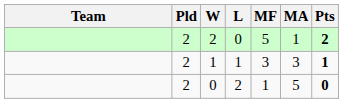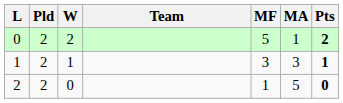 <table class=wikitable style="text-align:center">
 <tr>
-<th width=175>Team</th>
+<th width=20>L</th>
 <th width=20>Pld</th>
 <th width=20>W</th>
-<th width=20>L</th>
+<th width=175>Team</th>
 <th width=20>MF</th>
 <th width=20>MA</th>
 <th width=20>Pts</th>
 </tr>
 <tr bgcolor=ccffcc>
-<td style="text-align:left"></td>
+<td>0</td>
 <td>2</td>
 <td>2</td>
-<td>0</td>
+<td style="text-align:left"></td>
 <td>5</td>
 <td>1</td>
 <td><strong>2</strong></td>
 </tr>
 <tr>
-<td style="text-align:left"></td>
+<td>1</td>
 <td>2</td>
 <td>1</td>
-<td>1</td>
+<td style="text-align:left"></td>
 <td>3</td>
 <td>3</td>
 <td><strong>1</strong></td>
 </tr>
 <tr>
-<td style="text-align:left"></td>
+<td>2</td>
 <td>2</td>
 <td>0</td>
-<td>2</td>
+<td style="text-align:left"></td>
 <td>1</td>
 <td>5</td>
 <td><strong>0</strong></td>
 </tr>
 </table>
